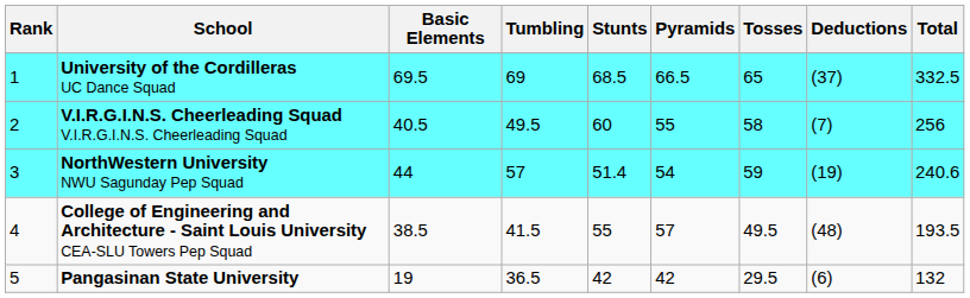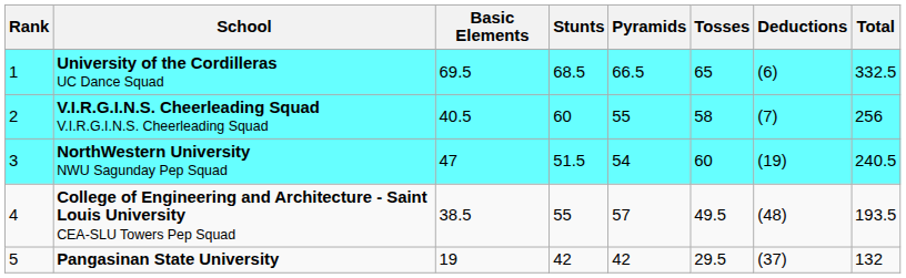 <table class="wikitable" style="text align: center">
 <tr bgcolor="#efefef">
 <th>Rank</th>
 <th>School</th>
 <th>Basic Elements</th>
-<th>Tumbling</th>
 <th>Stunts</th>
 <th>Pyramids</th>
 <th>Tosses</th>
 <th>Deductions</th>
 <th>Total</th>
 </tr>
 <tr bgcolor="66FFFF">
 <td>1</td>
 <td><strong>University of the Cordilleras</strong> <br> <small>UC Dance Squad</small></td>
 <td>69.5</td>
-<td>69</td>
 <td>68.5</td>
 <td>66.5</td>
 <td>65</td>
-<td>(37)</td>
+<td>(6)</td>
 <td>332.5</td>
 </tr>
 <tr bgcolor="66FFFF">
 <td>2</td>
 <td><strong>V.I.R.G.I.N.S. Cheerleading Squad</strong> <br> <small> V.I.R.G.I.N.S. Cheerleading Squad </small></td>
 <td>40.5</td>
-<td>49.5</td>
 <td>60</td>
 <td>55</td>
 <td>58</td>
 <td>(7)</td>
 <td>256</td>
 </tr>
 <tr bgcolor="66FFFF">
 <td>3</td>
 <td><strong>NorthWestern University</strong> <br> <small>NWU Sagunday Pep Squad</small></td>
-<td>44</td>
-<td>57</td>
-<td>51.4</td>
+<td>47</td>
+<td>51.5</td>
 <td>54</td>
-<td>59</td>
+<td>60</td>
 <td>(19)</td>
-<td>240.6</td>
+<td>240.5</td>
 </tr>
 <tr>
 <td>4</td>
 <td><strong>College of Engineering and Architecture - Saint Louis University</strong> <br> <small>CEA-SLU Towers Pep Squad</small></td>
 <td>38.5</td>
-<td>41.5</td>
 <td>55</td>
 <td>57</td>
 <td>49.5</td>
 <td>(48)</td>
 <td>193.5</td>
 </tr>
 <tr>
 <td>5</td>
 <td><strong>Pangasinan State University</strong> <br> <small></small></td>
 <td>19</td>
-<td>36.5</td>
 <td>42</td>
 <td>42</td>
 <td>29.5</td>
-<td>(6)</td>
+<td>(37)</td>
 <td>132</td>
 </tr>
 </table>
